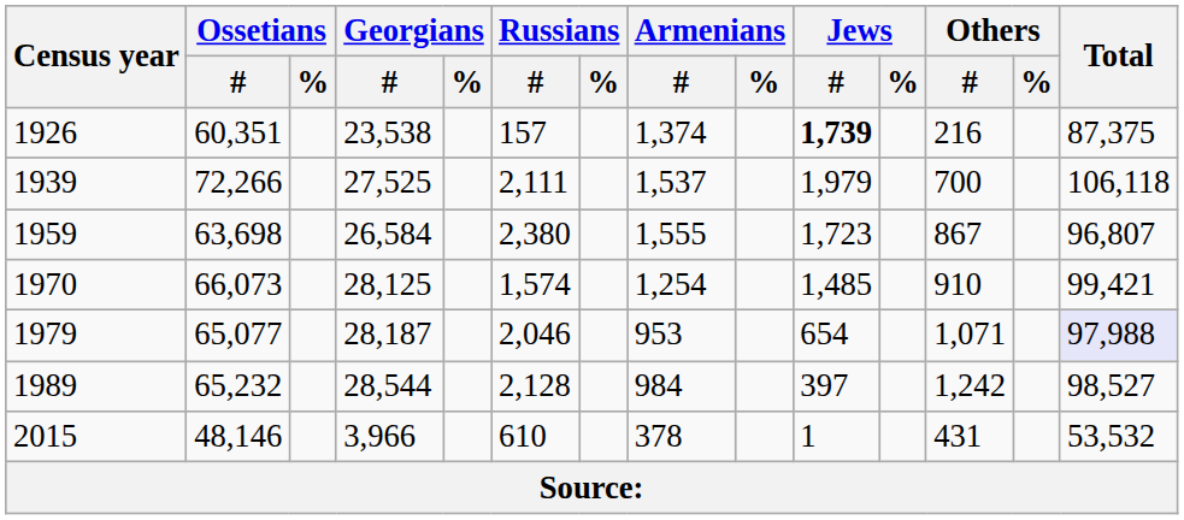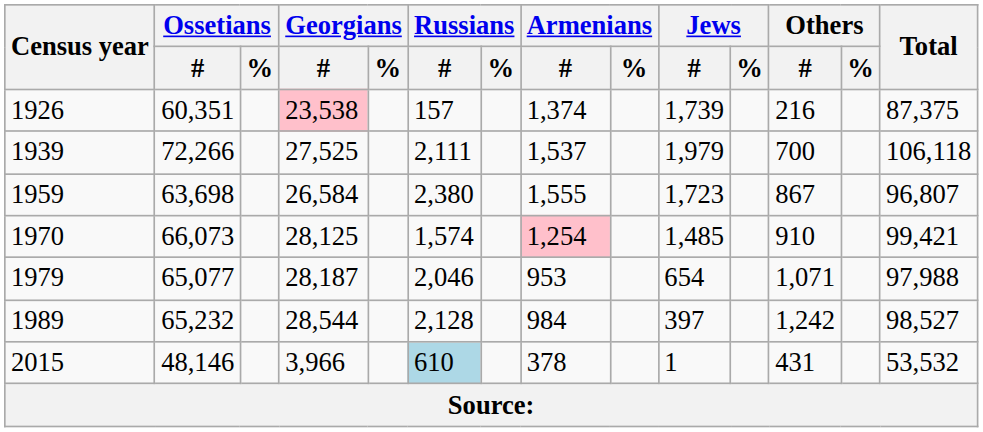 <table class="wikitable sortable">
 <tr>
 <th rowspan="2">Census year</th>
 <th colspan="2"><a href='#'>Ossetians</a></th>
 <th colspan="2"><a href='#'>Georgians</a></th>
 <th colspan="2"><a href='#'>Russians</a></th>
 <th colspan="2"><a href='#'>Armenians</a></th>
 <th colspan="2"><a href='#'>Jews</a></th>
 <th colspan="2">Others</th>
 <th rowspan="2">Total</th>
 </tr>
 <tr>
 <th>#</th>
 <th>%</th>
 <th>#</th>
 <th>%</th>
 <th>#</th>
 <th>%</th>
 <th>#</th>
 <th>%</th>
 <th>#</th>
 <th>%</th>
 <th>#</th>
 <th>%</th>
 </tr>
 <tr>
 <td>1926</td>
 <td>60,351</td>
 <td></td>
-<td>23,538</td>
+<td style="background: pink;">23,538</td>
 <td></td>
 <td>157</td>
 <td></td>
 <td>1,374</td>
 <td></td>
-<td><strong>1,739</strong></td>
+<td>1,739</td>
 <td></td>
 <td>216</td>
 <td></td>
 <td>87,375</td>
 </tr>
 <tr>
 <td>1939</td>
 <td>72,266</td>
 <td></td>
 <td>27,525</td>
 <td></td>
 <td>2,111</td>
 <td></td>
 <td>1,537</td>
 <td></td>
 <td>1,979</td>
 <td></td>
 <td>700</td>
 <td></td>
 <td>106,118</td>
 </tr>
 <tr>
 <td>1959</td>
 <td>63,698</td>
 <td></td>
 <td>26,584</td>
 <td></td>
 <td>2,380</td>
 <td></td>
 <td>1,555</td>
 <td></td>
 <td>1,723</td>
 <td></td>
 <td>867</td>
 <td></td>
 <td>96,807</td>
 </tr>
 <tr>
 <td>1970</td>
 <td>66,073</td>
 <td></td>
 <td>28,125</td>
 <td></td>
 <td>1,574</td>
 <td></td>
-<td>1,254</td>
+<td style="background: pink;">1,254</td>
 <td></td>
 <td>1,485</td>
 <td></td>
 <td>910</td>
 <td></td>
 <td>99,421</td>
 </tr>
 <tr>
 <td>1979</td>
 <td>65,077</td>
 <td></td>
 <td>28,187</td>
 <td></td>
 <td>2,046</td>
 <td></td>
 <td>953</td>
 <td></td>
 <td>654</td>
 <td></td>
 <td>1,071</td>
 <td></td>
-<td style="background: lavender;">97,988</td>
+<td>97,988</td>
 </tr>
 <tr>
 <td>1989</td>
 <td>65,232</td>
 <td></td>
 <td>28,544</td>
 <td></td>
 <td>2,128</td>
 <td></td>
 <td>984</td>
 <td></td>
 <td>397</td>
 <td></td>
 <td>1,242</td>
 <td></td>
 <td>98,527</td>
 </tr>
 <tr>
 <td>2015</td>
 <td>48,146</td>
 <td></td>
 <td>3,966</td>
 <td></td>
-<td>610</td>
+<td style="background: lightblue;">610</td>
 <td></td>
 <td>378</td>
 <td></td>
 <td>1</td>
 <td></td>
 <td>431</td>
 <td></td>
 <td>53,532</td>
 </tr>
 <tr>
 <th colspan="100%">Source:</th>
 </tr>
 </table>
